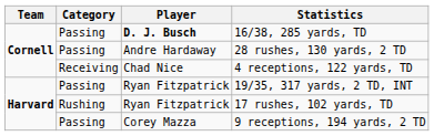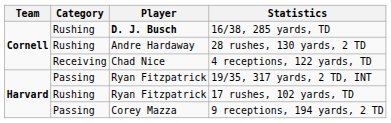 <table class="wikitable" style="float: left;">
 <tr>
 <th>Team</th>
 <th>Category</th>
 <th>Player</th>
 <th>Statistics</th>
 </tr>
 <tr>
 <td rowspan=3><strong>Cornell</strong></td>
-<td>Passing</td>
+<td>Rushing</td>
 <td><strong>D. J. Busch</strong></td>
 <td>16/38, 285 yards, TD</td>
 </tr>
 <tr>
-<td>Passing</td>
+<td>Rushing</td>
 <td>Andre Hardaway</td>
 <td>28 rushes, 130 yards, 2 TD</td>
 </tr>
 <tr>
 <td>Receiving</td>
 <td>Chad Nice</td>
 <td>4 receptions, 122 yards, TD</td>
 </tr>
 <tr>
 <td rowspan=3><strong>Harvard</strong></td>
 <td>Passing</td>
 <td>Ryan Fitzpatrick</td>
 <td>19/35, 317 yards, 2 TD, INT</td>
 </tr>
 <tr>
 <td>Rushing</td>
 <td>Ryan Fitzpatrick</td>
 <td>17 rushes, 102 yards, TD</td>
 </tr>
 <tr>
 <td>Passing</td>
 <td>Corey Mazza</td>
 <td>9 receptions, 194 yards, 2 TD</td>
 </tr>
 </table>
